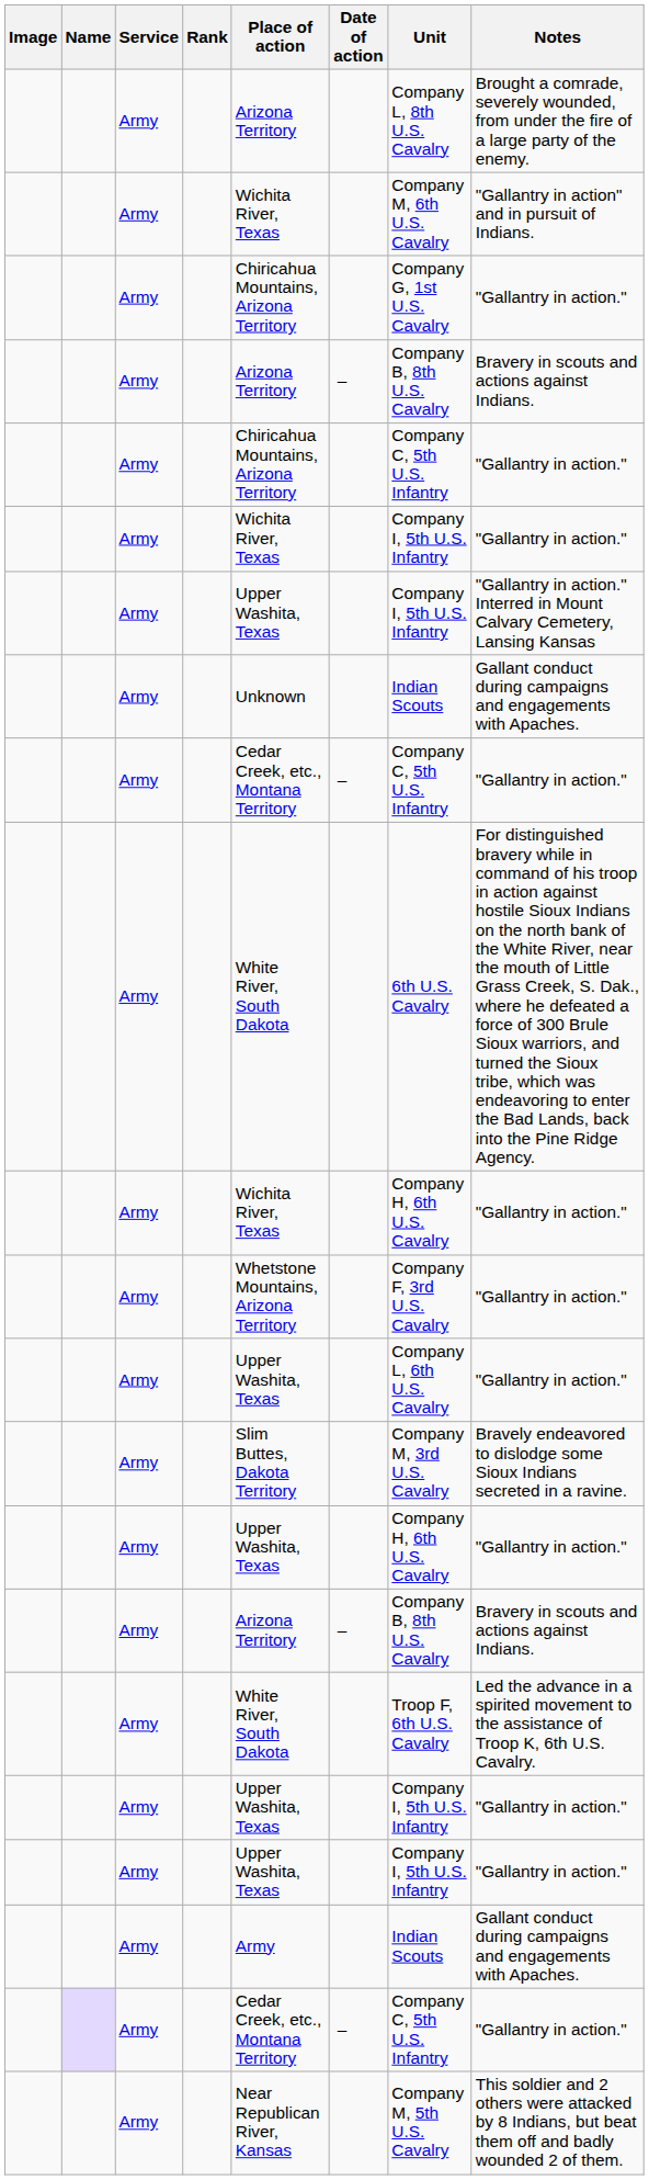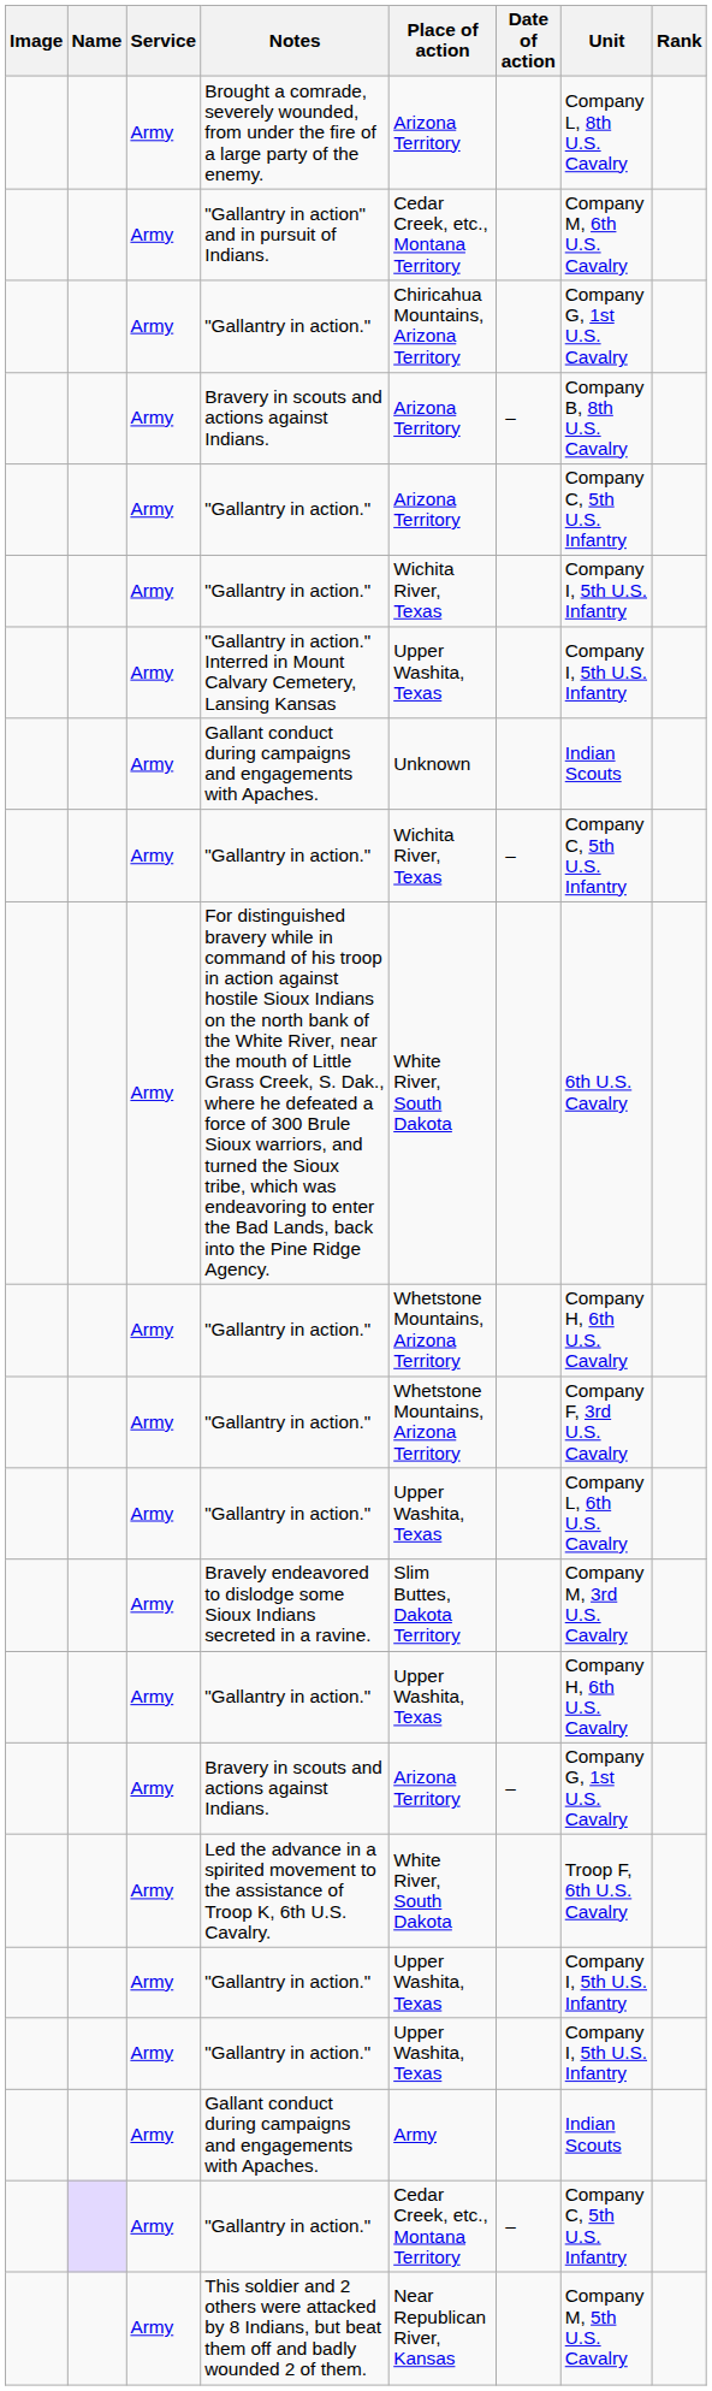 <table class="wikitable sortable">
 <tr>
 <th class="unsortable">Image</th>
 <th>Name</th>
 <th>Service</th>
-<th>Rank</th>
+<th class="unsortable">Notes</th>
 <th>Place of action</th>
 <th>Date of action</th>
 <th>Unit</th>
-<th class="unsortable">Notes</th>
+<th>Rank</th>
 </tr>
 <tr>
 <td></td>
 <td></td>
 <td><a href='#'>Army</a></td>
-<td></td>
+<td>Brought a comrade, severely wounded, from under the fire of a large party of the enemy.</td>
 <td><a href='#'>Arizona Territory</a></td>
 <td></td>
 <td>Company L, <a href='#'>8th U.S. Cavalry</a></td>
-<td>Brought a comrade, severely wounded, from under the fire of a large party of the enemy.</td>
+<td></td>
 </tr>
 <tr>
 <td></td>
 <td></td>
 <td><a href='#'>Army</a></td>
-<td></td>
-<td>Wichita River, <a href='#'>Texas</a></td>
+<td>"Gallantry in action" and in pursuit of Indians.</td>
+<td>Cedar Creek, etc., <a href='#'>Montana Territory</a></td>
 <td></td>
 <td>Company M, <a href='#'>6th U.S. Cavalry</a></td>
-<td>"Gallantry in action" and in pursuit of Indians.</td>
+<td></td>
 </tr>
 <tr>
 <td></td>
 <td></td>
 <td><a href='#'>Army</a></td>
-<td></td>
+<td>"Gallantry in action."</td>
 <td>Chiricahua Mountains, <a href='#'>Arizona Territory</a></td>
 <td></td>
 <td>Company G, <a href='#'>1st U.S. Cavalry</a></td>
-<td>"Gallantry in action."</td>
+<td></td>
 </tr>
 <tr>
 <td></td>
 <td></td>
 <td><a href='#'>Army</a></td>
-<td></td>
+<td>Bravery in scouts and actions against Indians.</td>
 <td><a href='#'>Arizona Territory</a></td>
 <td> – </td>
 <td>Company B, <a href='#'>8th U.S. Cavalry</a></td>
-<td>Bravery in scouts and actions against Indians.</td>
+<td></td>
 </tr>
 <tr>
 <td></td>
 <td></td>
 <td><a href='#'>Army</a></td>
-<td></td>
-<td>Chiricahua Mountains, <a href='#'>Arizona Territory</a></td>
+<td>"Gallantry in action."</td>
+<td><a href='#'>Arizona Territory</a></td>
 <td></td>
 <td>Company C, <a href='#'>5th U.S. Infantry</a></td>
-<td>"Gallantry in action."</td>
+<td></td>
 </tr>
 <tr>
 <td></td>
 <td></td>
 <td><a href='#'>Army</a></td>
-<td></td>
+<td>"Gallantry in action."</td>
 <td>Wichita River, <a href='#'>Texas</a></td>
 <td></td>
 <td>Company I, <a href='#'>5th U.S. Infantry</a></td>
-<td>"Gallantry in action."</td>
+<td></td>
 </tr>
 <tr>
 <td></td>
 <td></td>
 <td><a href='#'>Army</a></td>
-<td></td>
+<td>"Gallantry in action."  Interred in Mount Calvary Cemetery, Lansing Kansas</td>
 <td>Upper Washita, <a href='#'>Texas</a></td>
 <td></td>
 <td>Company I, <a href='#'>5th U.S. Infantry</a></td>
-<td>"Gallantry in action."  Interred in Mount Calvary Cemetery, Lansing Kansas</td>
+<td></td>
 </tr>
 <tr>
 <td></td>
 <td></td>
 <td><a href='#'>Army</a></td>
-<td></td>
+<td>Gallant conduct during campaigns and engagements with Apaches.</td>
 <td>Unknown</td>
 <td></td>
 <td><a href='#'>Indian Scouts</a></td>
-<td>Gallant conduct during campaigns and engagements with Apaches.</td>
+<td></td>
 </tr>
 <tr>
 <td></td>
 <td></td>
 <td><a href='#'>Army</a></td>
-<td></td>
-<td>Cedar Creek, etc., <a href='#'>Montana Territory</a></td>
+<td>"Gallantry in action."</td>
+<td>Wichita River, <a href='#'>Texas</a></td>
 <td> – </td>
 <td>Company C, <a href='#'>5th U.S. Infantry</a></td>
-<td>"Gallantry in action."</td>
+<td></td>
 </tr>
 <tr>
 <td></td>
 <td></td>
 <td><a href='#'>Army</a></td>
-<td></td>
+<td>For distinguished bravery while in command of his troop in action against hostile Sioux Indians on the north bank of the White River, near the mouth of Little Grass Creek, S. Dak., where he defeated a force of 300 Brule Sioux warriors, and turned the Sioux tribe, which was endeavoring to enter the Bad Lands, back into the Pine Ridge Agency.</td>
 <td>White River, <a href='#'>South Dakota</a></td>
 <td></td>
 <td><a href='#'>6th U.S. Cavalry</a></td>
-<td>For distinguished bravery while in command of his troop in action against hostile Sioux Indians on the north bank of the White River, near the mouth of Little Grass Creek, S. Dak., where he defeated a force of 300 Brule Sioux warriors, and turned the Sioux tribe, which was endeavoring to enter the Bad Lands, back into the Pine Ridge Agency.</td>
+<td></td>
 </tr>
 <tr>
 <td></td>
 <td></td>
 <td><a href='#'>Army</a></td>
-<td></td>
-<td>Wichita River, <a href='#'>Texas</a></td>
+<td>"Gallantry in action."</td>
+<td>Whetstone Mountains, <a href='#'>Arizona Territory</a></td>
 <td></td>
 <td>Company H, <a href='#'>6th U.S. Cavalry</a></td>
-<td>"Gallantry in action."</td>
+<td></td>
 </tr>
 <tr>
 <td></td>
 <td></td>
 <td><a href='#'>Army</a></td>
-<td></td>
+<td>"Gallantry in action."</td>
 <td>Whetstone Mountains, <a href='#'>Arizona Territory</a></td>
 <td></td>
 <td>Company F, <a href='#'>3rd U.S. Cavalry</a></td>
-<td>"Gallantry in action."</td>
+<td></td>
 </tr>
 <tr>
 <td></td>
 <td></td>
 <td><a href='#'>Army</a></td>
-<td></td>
+<td>"Gallantry in action."</td>
 <td>Upper Washita, <a href='#'>Texas</a></td>
 <td></td>
 <td>Company L, <a href='#'>6th U.S. Cavalry</a></td>
-<td>"Gallantry in action."</td>
+<td></td>
 </tr>
 <tr>
 <td></td>
 <td></td>
 <td><a href='#'>Army</a></td>
-<td></td>
+<td>Bravely endeavored to dislodge some Sioux Indians secreted in a ravine.</td>
 <td>Slim Buttes, <a href='#'>Dakota Territory</a></td>
 <td></td>
 <td>Company M, <a href='#'>3rd U.S. Cavalry</a></td>
-<td>Bravely endeavored to dislodge some Sioux Indians secreted in a ravine.</td>
+<td></td>
 </tr>
 <tr>
 <td></td>
 <td></td>
 <td><a href='#'>Army</a></td>
-<td></td>
+<td>"Gallantry in action."</td>
 <td>Upper Washita, <a href='#'>Texas</a></td>
 <td></td>
 <td>Company H, <a href='#'>6th U.S. Cavalry</a></td>
-<td>"Gallantry in action."</td>
+<td></td>
 </tr>
 <tr>
 <td></td>
 <td></td>
 <td><a href='#'>Army</a></td>
-<td></td>
+<td>Bravery in scouts and actions against Indians.</td>
 <td><a href='#'>Arizona Territory</a></td>
 <td> – </td>
-<td>Company B, <a href='#'>8th U.S. Cavalry</a></td>
-<td>Bravery in scouts and actions against Indians.</td>
+<td>Company G, <a href='#'>1st U.S. Cavalry</a></td>
+<td></td>
 </tr>
 <tr>
 <td></td>
 <td></td>
 <td><a href='#'>Army</a></td>
-<td></td>
+<td>Led the advance in a spirited movement to the assistance of Troop K, 6th U.S. Cavalry.</td>
 <td>White River, <a href='#'>South Dakota</a></td>
 <td></td>
 <td>Troop F, <a href='#'>6th U.S. Cavalry</a></td>
-<td>Led the advance in a spirited movement to the assistance of Troop K, 6th U.S. Cavalry.</td>
+<td></td>
 </tr>
 <tr>
 <td></td>
 <td></td>
 <td><a href='#'>Army</a></td>
-<td></td>
+<td>"Gallantry in action."</td>
 <td>Upper Washita, <a href='#'>Texas</a></td>
 <td></td>
 <td>Company I, <a href='#'>5th U.S. Infantry</a></td>
-<td>"Gallantry in action."</td>
+<td></td>
 </tr>
 <tr>
 <td></td>
 <td></td>
 <td><a href='#'>Army</a></td>
-<td></td>
+<td>"Gallantry in action."</td>
 <td>Upper Washita, <a href='#'>Texas</a></td>
 <td></td>
 <td>Company I, <a href='#'>5th U.S. Infantry</a></td>
-<td>"Gallantry in action."</td>
+<td></td>
 </tr>
 <tr>
 <td></td>
 <td></td>
 <td><a href='#'>Army</a></td>
-<td></td>
+<td>Gallant conduct during campaigns and engagements with Apaches.</td>
 <td><a href='#'>Army</a></td>
 <td></td>
 <td><a href='#'>Indian Scouts</a></td>
-<td>Gallant conduct during campaigns and engagements with Apaches.</td>
+<td></td>
 </tr>
 <tr>
 <td></td>
 <td style="background:#e3d9ff;"></td>
 <td><a href='#'>Army</a></td>
-<td></td>
+<td>"Gallantry in action."</td>
 <td>Cedar Creek, etc., <a href='#'>Montana Territory</a></td>
 <td> – </td>
 <td>Company C, <a href='#'>5th U.S. Infantry</a></td>
-<td>"Gallantry in action."</td>
+<td></td>
 </tr>
 <tr>
 <td></td>
 <td></td>
 <td><a href='#'>Army</a></td>
-<td></td>
+<td>This soldier and 2 others were attacked by 8 Indians, but beat them off and badly wounded 2 of them.</td>
 <td>Near Republican River, <a href='#'>Kansas</a></td>
 <td></td>
 <td>Company M, <a href='#'>5th U.S. Cavalry</a></td>
-<td>This soldier and 2 others were attacked by 8 Indians, but beat them off and badly wounded 2 of them.</td>
+<td></td>
 </tr>
 </table>
